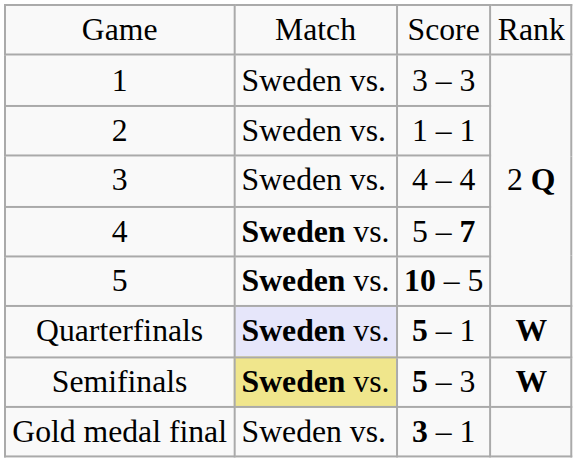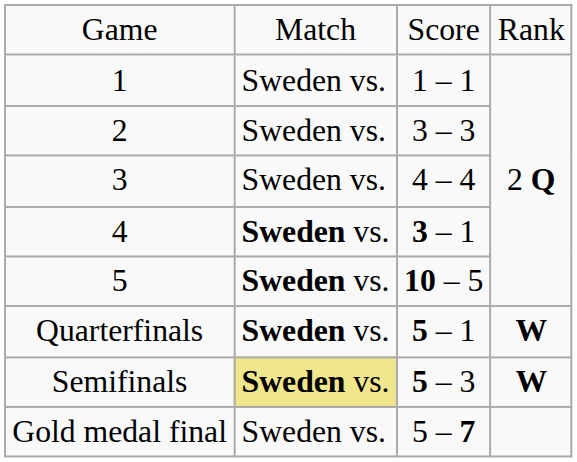 <table class="wikitable">
 <tr>
 <td style="text-align:center;">Game</td>
 <td style="text-align:center;">Match</td>
 <td style="text-align:center;">Score</td>
 <td style="text-align:center;">Rank</td>
 </tr>
 <tr>
 <td style="text-align:center;">1</td>
 <td>Sweden vs. </td>
-<td style="text-align:center;">3 – 3</td>
+<td style="text-align:center;">1 – 1</td>
 <td rowspan="5" style="text-align:center;">2 <strong>Q</strong></td>
 </tr>
 <tr>
 <td style="text-align:center;">2</td>
 <td>Sweden vs. </td>
-<td style="text-align:center;">1 – 1</td>
+<td style="text-align:center;">3 – 3</td>
 </tr>
 <tr>
 <td style="text-align:center;">3</td>
 <td>Sweden vs. </td>
 <td style="text-align:center;">4 – 4</td>
 </tr>
 <tr>
 <td style="text-align:center;">4</td>
 <td><strong>Sweden</strong> vs. </td>
-<td style="text-align:center;">5 – <strong>7</strong></td>
+<td style="text-align:center;"><strong>3</strong> – 1</td>
 </tr>
 <tr>
 <td style="text-align:center;">5</td>
 <td><strong>Sweden</strong> vs. </td>
 <td style="text-align:center;"><strong>10</strong> – 5</td>
 </tr>
 <tr>
 <td style="text-align:center;">Quarterfinals</td>
-<td style="background: lavender;"><strong>Sweden</strong> vs. </td>
+<td><strong>Sweden</strong> vs. </td>
 <td style="text-align:center;"><strong>5</strong> – 1</td>
 <td style="text-align:center;"><strong>W</strong></td>
 </tr>
 <tr>
 <td style="text-align:center;">Semifinals</td>
 <td style="background: khaki;"><strong>Sweden</strong> vs. </td>
 <td style="text-align:center;"><strong>5</strong> – 3</td>
 <td style="text-align:center;"><strong>W</strong></td>
 </tr>
 <tr>
 <td style="text-align:center;">Gold medal final</td>
 <td>Sweden vs. <strong></strong></td>
-<td style="text-align:center;"><strong>3</strong> – 1</td>
+<td style="text-align:center;">5 – <strong>7</strong></td>
 <td style="text-align:center;"></td>
 </tr>
 </table>
